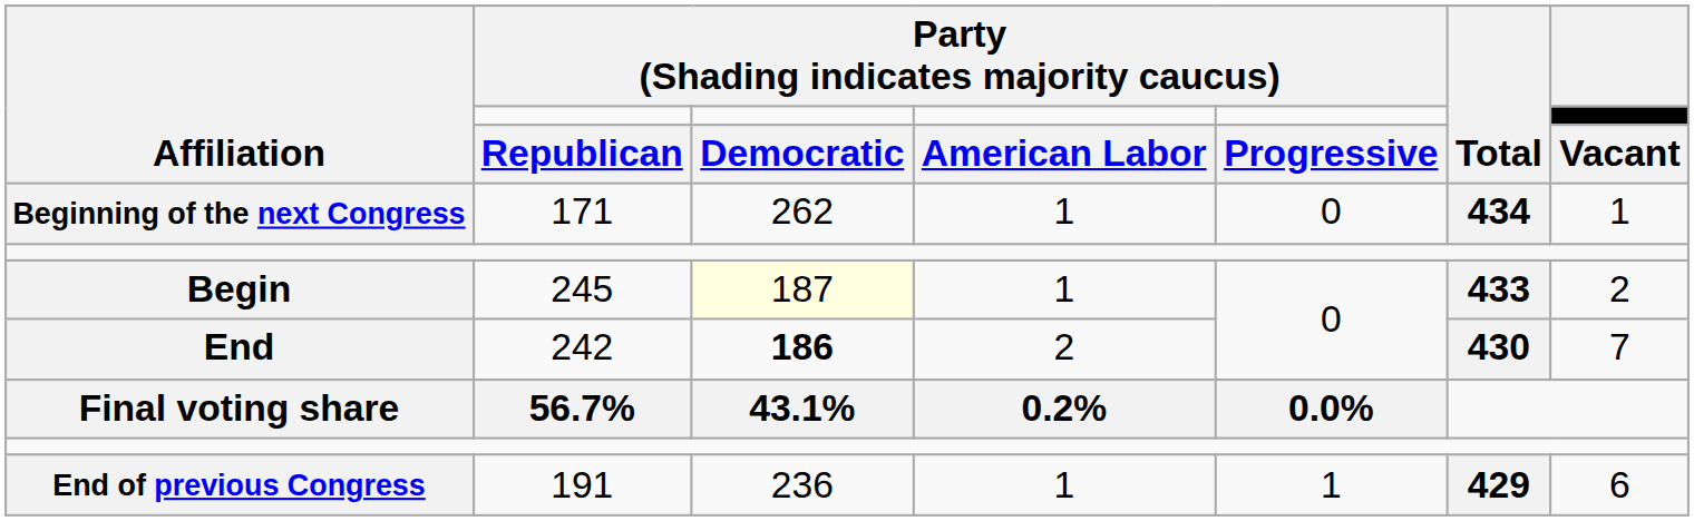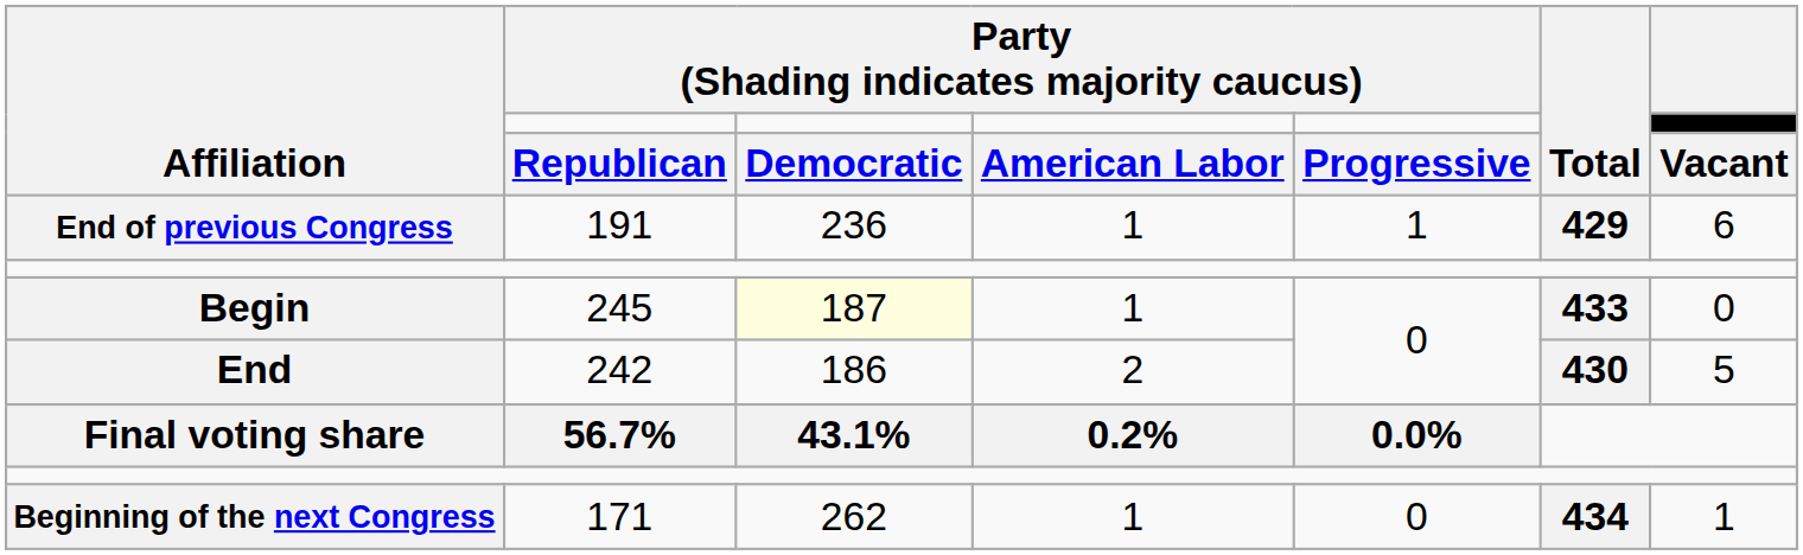 <table class=wikitable style="text-align:center">
 <tr style="vertical-align:bottom;">
 <th rowspan=3>Affiliation</th>
 <th colspan=4>Party <div>(Shading indicates majority caucus)</div></th>
 <th rowspan=3>Total</th>
 <th></th>
 </tr>
 <tr>
 <td style="background-color:"></td>
 <td style="background-color:"></td>
 <td style="background-color:"></td>
 <td style="background-color:"></td>
 <td style="background-color:black"></td>
 </tr>
 <tr style="height:5px">
 <th><a href='#'>Republican</a></th>
 <th><a href='#'>Democratic</a></th>
 <th><a href='#'>American Labor</a></th>
 <th><a href='#'>Progressive</a></th>
 <th>Vacant</th>
 </tr>
 <tr>
-<th nowrap style="font-size:80%">Beginning of the <a href='#'>next Congress</a></th>
-<td>171</td>
-<td>262</td>
+<th nowrap style="font-size:80%">End of <a href='#'>previous Congress</a></th>
+<td>191</td>
+<td>236</td>
 <td>1</td>
-<td>0</td>
-<th>434</th>
 <td>1</td>
+<th>429</th>
+<td>6</td>
 </tr>
 <tr>
 <td colspan=7></td>
 </tr>
 <tr>
 <th nowrap>Begin</th>
 <td>245</td>
 <td style="background: lightyellow;">187</td>
 <td>1</td>
 <td rowspan=2>0</td>
 <th>433</th>
-<td>2</td>
+<td>0</td>
 </tr>
 <tr>
 <th nowrap>End</th>
 <td>242</td>
-<td><strong>186</strong></td>
+<td>186</td>
 <td>2</td>
 <th>430</th>
-<td>7</td>
+<td>5</td>
 </tr>
 <tr>
 <th>Final voting share</th>
 <th>56.7% </th>
 <th>43.1% </th>
 <th>0.2% </th>
 <th>0.0% </th>
 <td colspan=2></td>
 </tr>
 <tr>
 <td colspan=7></td>
 </tr>
 <tr>
-<th nowrap style="font-size:80%">End of <a href='#'>previous Congress</a></th>
-<td>191</td>
-<td>236</td>
+<th nowrap style="font-size:80%">Beginning of the <a href='#'>next Congress</a></th>
+<td>171</td>
+<td>262</td>
 <td>1</td>
+<td>0</td>
+<th>434</th>
 <td>1</td>
-<th>429</th>
-<td>6</td>
 </tr>
 </table>
